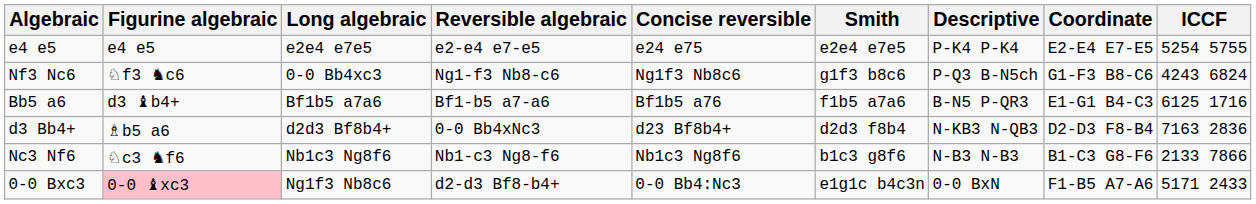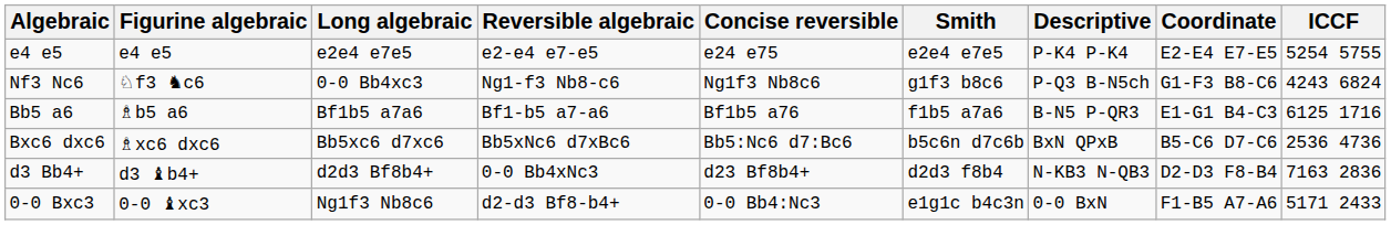 <table class="wikitable static-row-numbers static-row-header-hash">
 <tr>
 <th>Algebraic</th>
 <th>Figurine algebraic</th>
 <th>Long algebraic</th>
 <th>Reversible algebraic</th>
 <th>Concise reversible</th>
 <th>Smith</th>
 <th>Descriptive</th>
 <th>Coordinate</th>
 <th>ICCF</th>
 </tr>
 <tr style="font-family:monospace;">
 <td>e4 e5</td>
 <td>e4 e5</td>
 <td>e2e4 e7e5</td>
 <td>e2-e4 e7-e5</td>
 <td>e24 e75</td>
 <td>e2e4 e7e5</td>
 <td>P-K4 P-K4</td>
 <td>E2-E4 E7-E5</td>
 <td>5254 5755</td>
 </tr>
 <tr style="font-family:monospace;">
 <td>Nf3 Nc6</td>
 <td>♘f3  ♞c6</td>
 <td>0-0 Bb4xc3</td>
 <td>Ng1-f3 Nb8-c6</td>
 <td>Ng1f3 Nb8c6</td>
 <td>g1f3 b8c6</td>
 <td>P-Q3 B-N5ch</td>
 <td>G1-F3 B8-C6</td>
 <td>4243 6824</td>
 </tr>
 <tr style="font-family:monospace;">
 <td>Bb5 a6</td>
-<td>d3   ♝b4+</td>
+<td>♗b5 a6</td>
 <td>Bf1b5 a7a6</td>
 <td>Bf1-b5 a7-a6</td>
 <td>Bf1b5 a76</td>
 <td>f1b5 a7a6</td>
 <td>B-N5 P-QR3</td>
 <td>E1-G1 B4-C3</td>
 <td>6125 1716</td>
 </tr>
 <tr style="font-family:monospace;">
+<td>Bxc6 dxc6</td>
+<td>♗xc6 dxc6</td>
+<td>Bb5xc6 d7xc6</td>
+<td>Bb5xNc6 d7xBc6</td>
+<td>Bb5:Nc6 d7:Bc6</td>
+<td>b5c6n d7c6b</td>
+<td>BxN QPxB</td>
+<td>B5-C6 D7-C6</td>
+<td>2536 4736</td>
+</tr>
+<tr style="font-family:monospace;">
 <td>d3 Bb4+</td>
-<td>♗b5 a6</td>
+<td>d3   ♝b4+</td>
 <td>d2d3 Bf8b4+</td>
 <td>0-0 Bb4xNc3</td>
 <td>d23 Bf8b4+</td>
 <td>d2d3 f8b4</td>
 <td>N-KB3 N-QB3</td>
 <td>D2-D3 F8-B4</td>
 <td>7163 2836</td>
 </tr>
 <tr style="font-family:monospace;">
-<td>Nc3 Nf6</td>
-<td>♘c3  ♞f6</td>
-<td>Nb1c3 Ng8f6</td>
-<td>Nb1-c3 Ng8-f6</td>
-<td>Nb1c3 Ng8f6</td>
-<td>b1c3 g8f6</td>
-<td>N-B3 N-B3</td>
-<td>B1-C3 G8-F6</td>
-<td>2133 7866</td>
-</tr>
-<tr style="font-family:monospace;">
 <td>0-0 Bxc3</td>
-<td style="background: pink;">0-0  ♝xc3</td>
+<td>0-0  ♝xc3</td>
 <td>Ng1f3 Nb8c6</td>
 <td>d2-d3 Bf8-b4+</td>
 <td>0-0 Bb4:Nc3</td>
 <td>e1g1c b4c3n</td>
 <td>0-0 BxN</td>
 <td>F1-B5 A7-A6</td>
 <td>5171 2433</td>
 </tr>
 </table>
